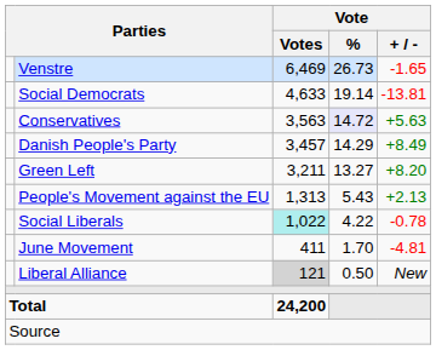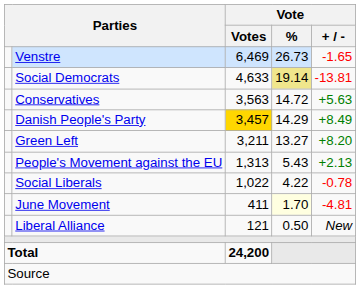 <table class="wikitable" style="text-align:right;">
 <tr>
 <th style="text-align:centre;" rowspan="2" colspan="2" width="225">Parties</th>
 <th colspan="3">Vote</th>
 </tr>
 <tr>
 <th width="15">Votes</th>
 <th width="15">%</th>
 <th width="15">+ / -</th>
 </tr>
 <tr>
 <td width="2" style="color:inherit;background:"></td>
 <td bgcolor=#cfe5fe   align="left"><a href='#'>Venstre</a></td>
 <td bgcolor=#cfe5fe>6,469</td>
 <td bgcolor=#cfe5fe>26.73</td>
 <td style=color:red;>-1.65</td>
 </tr>
 <tr>
 <td width="2" style="color:inherit;background:"></td>
 <td align="left"><a href='#'>Social Democrats</a></td>
 <td>4,633</td>
-<td>19.14</td>
+<td style="background: khaki;">19.14</td>
 <td style=color:red;>-13.81</td>
 </tr>
 <tr>
 <td width="2" style="color:inherit;background:"></td>
 <td align="left"><a href='#'>Conservatives</a></td>
 <td>3,563</td>
-<td style="background: lavender;">14.72</td>
+<td>14.72</td>
 <td style=color:green;>+5.63</td>
 </tr>
 <tr>
 <td width="2" style="color:inherit;background:"></td>
 <td align="left"><a href='#'>Danish People's Party</a></td>
-<td>3,457</td>
+<td style="background: gold;">3,457</td>
 <td>14.29</td>
 <td style=color:green;>+8.49</td>
 </tr>
 <tr>
 <td width="2" style="color:inherit;background:"></td>
 <td align="left"><a href='#'>Green Left</a></td>
 <td>3,211</td>
 <td>13.27</td>
 <td style=color:green;>+8.20</td>
 </tr>
 <tr>
 <td width="2" style="color:inherit;background:"></td>
 <td align="left"><a href='#'>People's Movement against the EU</a></td>
 <td>1,313</td>
 <td>5.43</td>
 <td style=color:green;>+2.13</td>
 </tr>
 <tr>
 <td width="2" style="color:inherit;background:"></td>
 <td align="left"><a href='#'>Social Liberals</a></td>
-<td style="background: paleturquoise;">1,022</td>
+<td>1,022</td>
 <td>4.22</td>
 <td style=color:red;>-0.78</td>
 </tr>
 <tr>
 <td width="2" style="color:inherit;background:"></td>
 <td align="left"><a href='#'>June Movement</a></td>
 <td>411</td>
-<td>1.70</td>
+<td style="background: lightyellow;">1.70</td>
 <td style=color:red;>-4.81</td>
 </tr>
 <tr>
 <td width="2" style="color:inherit;background:"></td>
 <td align="left"><a href='#'>Liberal Alliance</a></td>
-<td style="background: lightgrey;">121</td>
+<td>121</td>
 <td>0.50</td>
 <td><em>New</em></td>
 </tr>
 <tr>
 <td colspan="7" bgcolor="#E9E9E9"></td>
 </tr>
 <tr>
 <td align="left" colspan="2"><strong>Total</strong></td>
 <td><strong>24,200</strong></td>
 <td bgcolor="#E9E9E9" colspan="2"></td>
 </tr>
 <tr>
 <td align="left" colspan="6">Source</td>
 </tr>
 </table>
